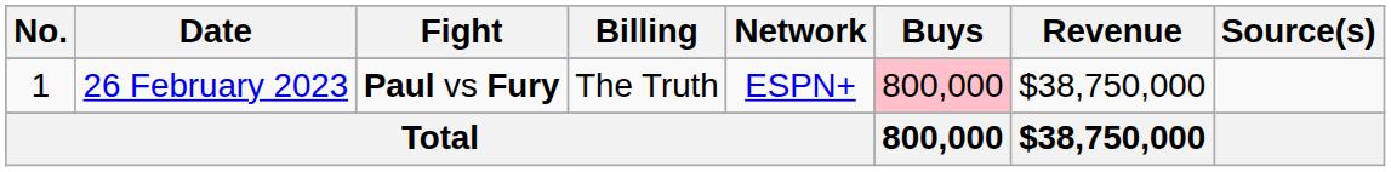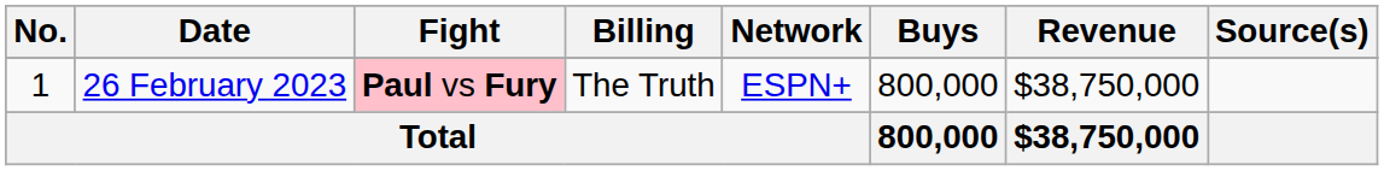 <table class="wikitable sortable">
 <tr>
 <th>No.</th>
 <th>Date</th>
 <th>Fight</th>
 <th>Billing</th>
 <th>Network</th>
 <th>Buys</th>
 <th>Revenue</th>
 <th>Source(s)</th>
 </tr>
 <tr>
 </tr>
 <tr>
 <td align="center">1</td>
 <td align="center"><a href='#'>26 February 2023</a></td>
-<td align="center"><strong>Paul</strong> vs <strong>Fury</strong></td>
+<td align="center" style="background: pink;"><strong>Paul</strong> vs <strong>Fury</strong></td>
 <td align="center">The Truth</td>
 <td align="center"><a href='#'>ESPN+</a></td>
-<td align="center" style="background: pink;">800,000</td>
+<td align="center">800,000</td>
 <td align="center">$38,750,000</td>
 <td></td>
 </tr>
 <tr>
 <th colspan="5">Total</th>
 <th>800,000</th>
 <th>$38,750,000</th>
 <th></th>
 </tr>
 </table>
